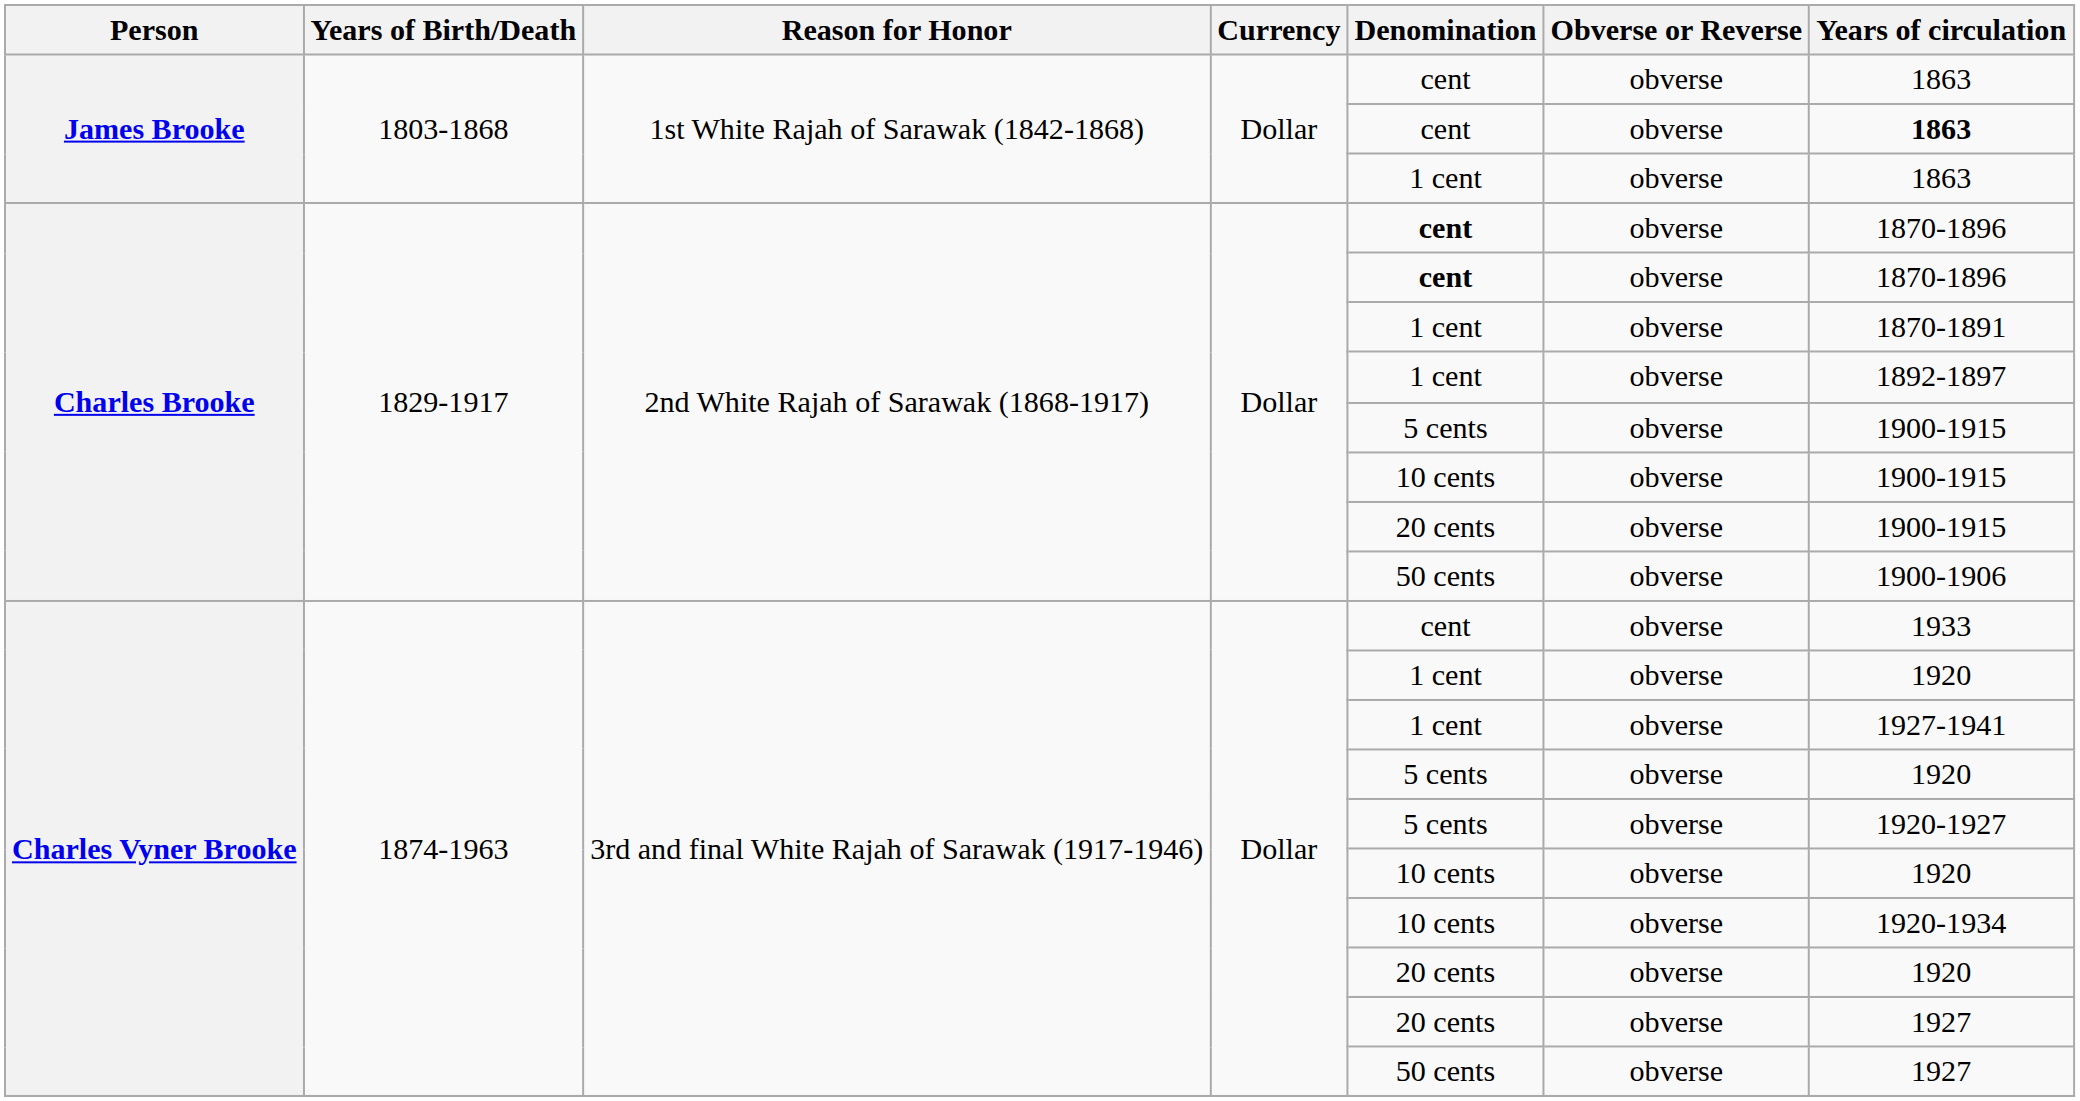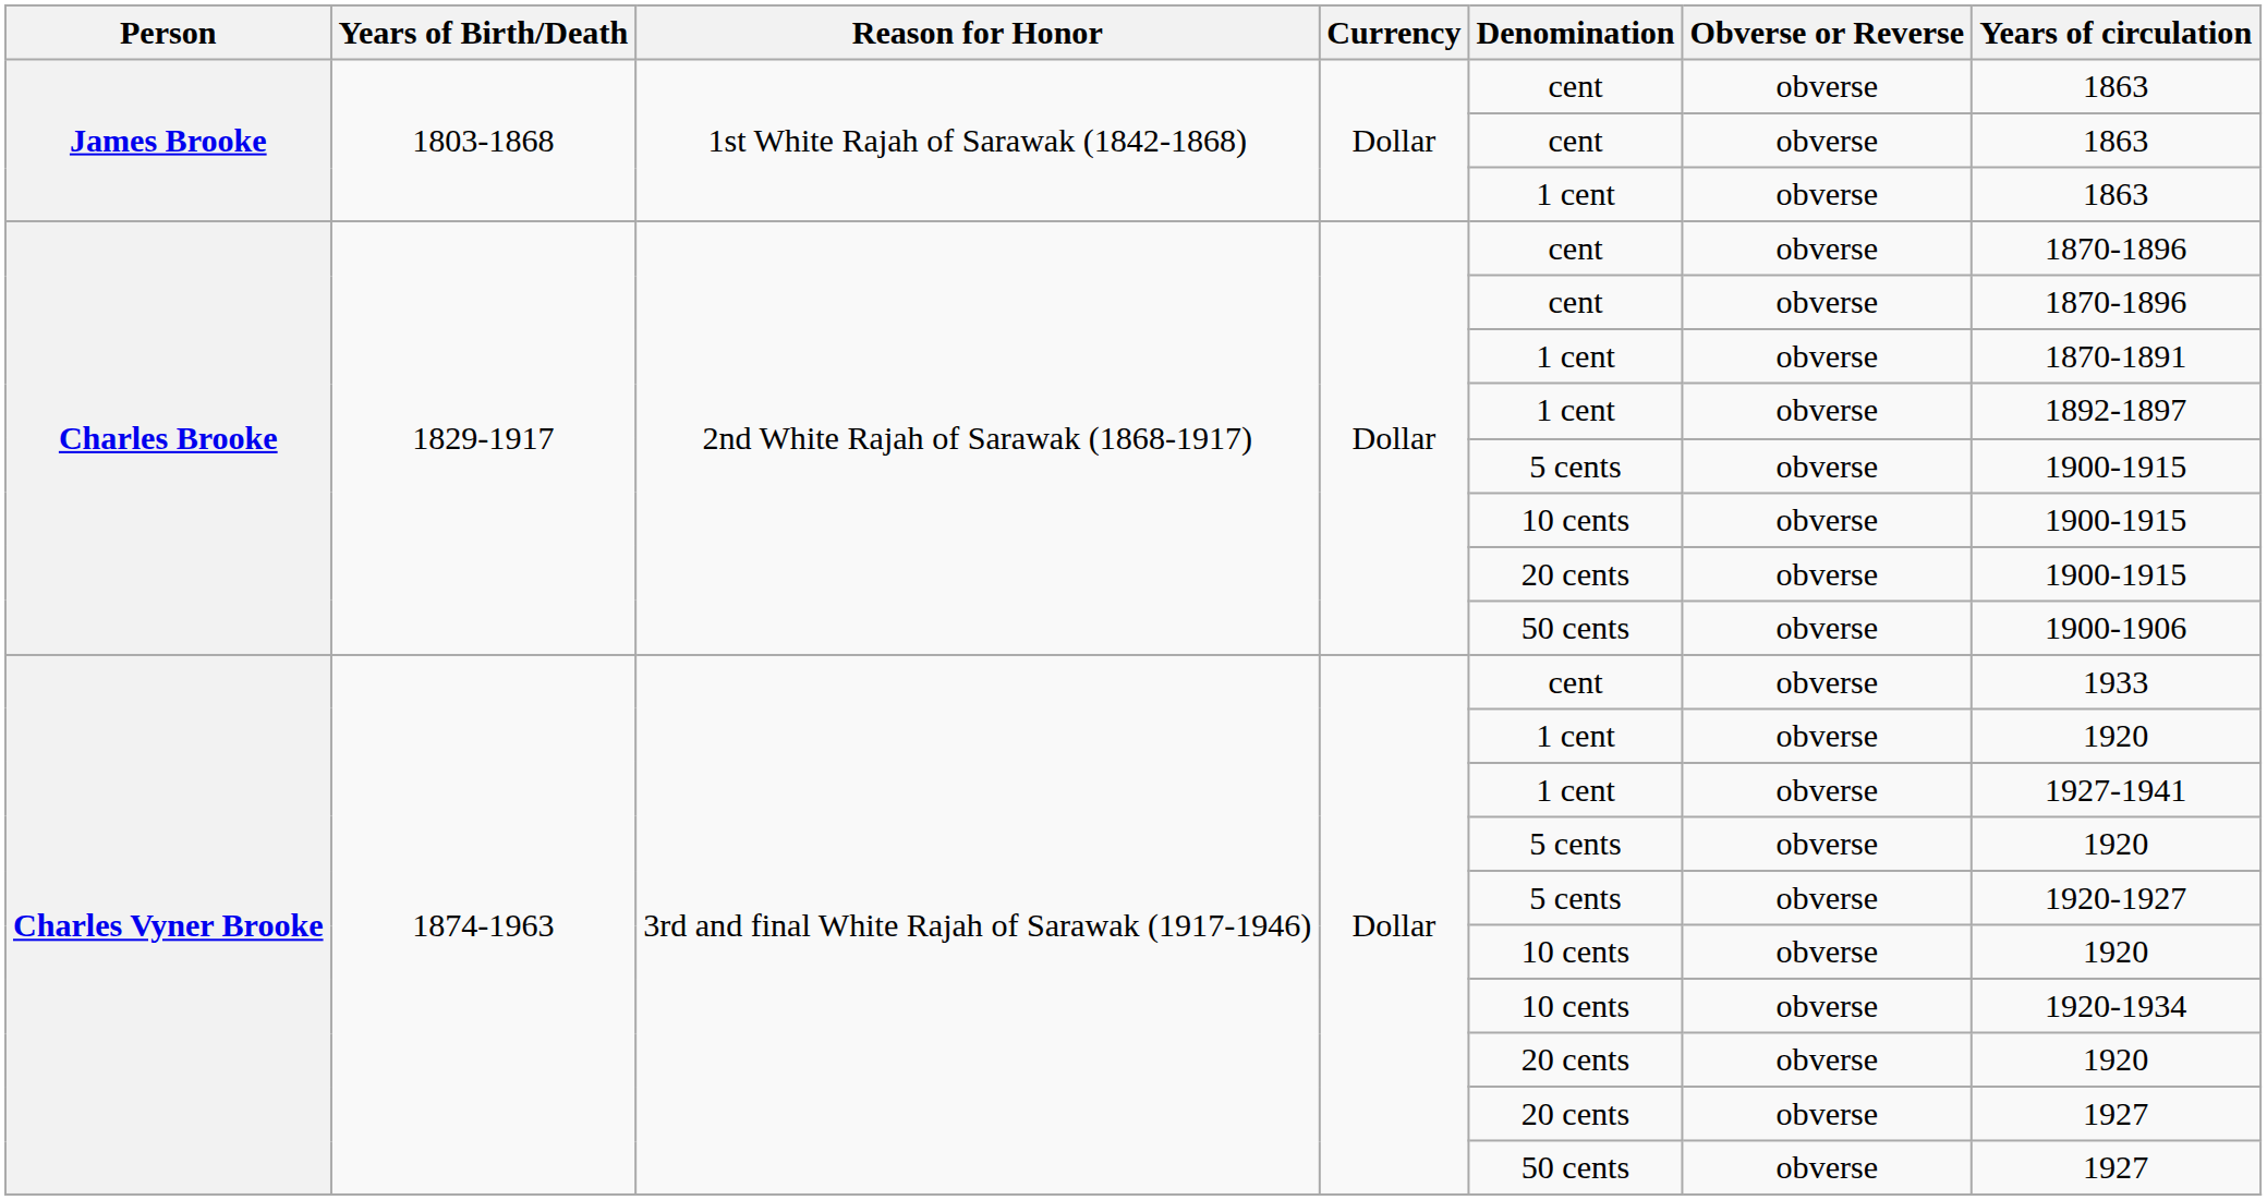 <table class="wikitable" style="font-size:95%; text-align:center;">
 <tr>
 <th>Person</th>
 <th>Years of Birth/Death</th>
 <th>Reason for Honor</th>
 <th>Currency</th>
 <th>Denomination</th>
 <th>Obverse or Reverse</th>
 <th>Years of circulation</th>
 </tr>
 <tr>
 <th rowspan="3"><a href='#'>James Brooke</a></th>
 <td rowspan="3">1803-1868</td>
 <td rowspan="3">1st White Rajah of Sarawak (1842-1868)</td>
 <td rowspan="3">Dollar</td>
 <td><small></small> cent</td>
 <td>obverse</td>
 <td>1863</td>
 </tr>
 <tr>
 <td><small></small> cent</td>
 <td>obverse</td>
-<td><strong>1863</strong></td>
+<td>1863</td>
 </tr>
 <tr>
 <td>1 cent</td>
 <td>obverse</td>
 <td>1863</td>
 </tr>
 <tr>
 <th rowspan="8"><a href='#'>Charles Brooke</a></th>
 <td rowspan="8">1829-1917</td>
 <td rowspan="8">2nd White Rajah of Sarawak (1868-1917)</td>
 <td rowspan="8">Dollar</td>
-<td><strong><small></small> cent</strong></td>
+<td><small></small> cent</td>
 <td>obverse</td>
 <td>1870-1896</td>
 </tr>
 <tr>
-<td><strong><small></small> cent</strong></td>
+<td><small></small> cent</td>
 <td>obverse</td>
 <td>1870-1896</td>
 </tr>
 <tr>
 <td>1 cent</td>
 <td>obverse</td>
 <td>1870-1891</td>
 </tr>
 <tr>
 <td>1 cent</td>
 <td>obverse</td>
 <td>1892-1897</td>
 </tr>
 <tr>
 <td>5 cents</td>
 <td>obverse</td>
 <td>1900-1915</td>
 </tr>
 <tr>
 <td>10 cents</td>
 <td>obverse</td>
 <td>1900-1915</td>
 </tr>
 <tr>
 <td>20 cents</td>
 <td>obverse</td>
 <td>1900-1915</td>
 </tr>
 <tr>
 <td>50 cents</td>
 <td>obverse</td>
 <td>1900-1906</td>
 </tr>
 <tr>
 <th rowspan="10"><a href='#'>Charles Vyner Brooke</a></th>
 <td rowspan="10">1874-1963</td>
 <td rowspan="10">3rd and final White Rajah of Sarawak (1917-1946)</td>
 <td rowspan="10">Dollar</td>
 <td><small></small> cent</td>
 <td>obverse</td>
 <td>1933</td>
 </tr>
 <tr>
 <td>1 cent</td>
 <td>obverse</td>
 <td>1920</td>
 </tr>
 <tr>
 <td>1 cent</td>
 <td>obverse</td>
 <td>1927-1941</td>
 </tr>
 <tr>
 <td>5 cents</td>
 <td>obverse</td>
 <td>1920</td>
 </tr>
 <tr>
 <td>5 cents</td>
 <td>obverse</td>
 <td>1920-1927</td>
 </tr>
 <tr>
 <td>10 cents</td>
 <td>obverse</td>
 <td>1920</td>
 </tr>
 <tr>
 <td>10 cents</td>
 <td>obverse</td>
 <td>1920-1934</td>
 </tr>
 <tr>
 <td>20 cents</td>
 <td>obverse</td>
 <td>1920</td>
 </tr>
 <tr>
 <td>20 cents</td>
 <td>obverse</td>
 <td>1927</td>
 </tr>
 <tr>
 <td>50 cents</td>
 <td>obverse</td>
 <td>1927</td>
 </tr>
 <tr>
 </tr>
 </table>
